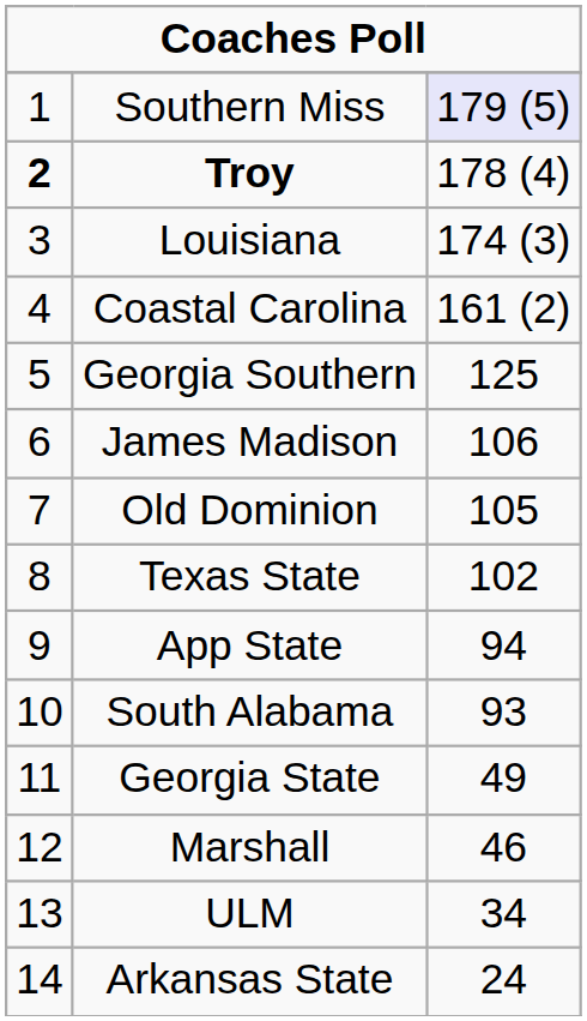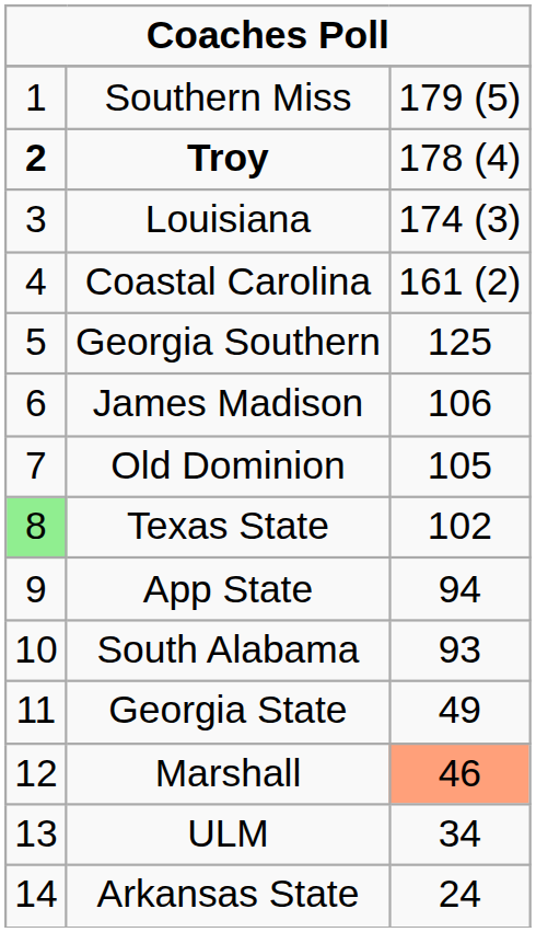 <table class="wikitable">
 <tr align="center">
 <td align="center" Colspan="3"><strong>Coaches Poll</strong></td>
 </tr>
 <tr align="center">
 </tr>
 <tr align="center">
 <td>1</td>
 <td>Southern Miss</td>
-<td style="background: lavender;">179 (5)</td>
+<td>179 (5)</td>
 </tr>
 <tr align="center">
 <td><strong>2</strong></td>
 <td><strong>Troy</strong></td>
 <td>178 (4)</td>
 </tr>
 <tr align="center">
 <td>3</td>
 <td>Louisiana</td>
 <td>174 (3)</td>
 </tr>
 <tr align="center">
 <td>4</td>
 <td>Coastal Carolina</td>
 <td>161 (2)</td>
 </tr>
 <tr align="center">
 <td>5</td>
 <td>Georgia Southern</td>
 <td>125</td>
 </tr>
 <tr align="center">
 <td>6</td>
 <td>James Madison</td>
 <td>106</td>
 </tr>
 <tr align="center">
 <td>7</td>
 <td>Old Dominion</td>
 <td>105</td>
 </tr>
 <tr align="center">
-<td>8</td>
+<td style="background: lightgreen;">8</td>
 <td>Texas State</td>
 <td>102</td>
 </tr>
 <tr align="center">
 <td>9</td>
 <td>App State</td>
 <td>94</td>
 </tr>
 <tr align="center">
 <td>10</td>
 <td>South Alabama</td>
 <td>93</td>
 </tr>
 <tr align="center">
 <td>11</td>
 <td>Georgia State</td>
 <td>49</td>
 </tr>
 <tr align="center">
 <td>12</td>
 <td>Marshall</td>
-<td>46</td>
+<td style="background: lightsalmon;">46</td>
 </tr>
 <tr align="center">
 <td>13</td>
 <td>ULM</td>
 <td>34</td>
 </tr>
 <tr align="center">
 <td>14</td>
 <td>Arkansas State</td>
 <td>24</td>
 </tr>
 <tr align="center">
 </tr>
 </table>
